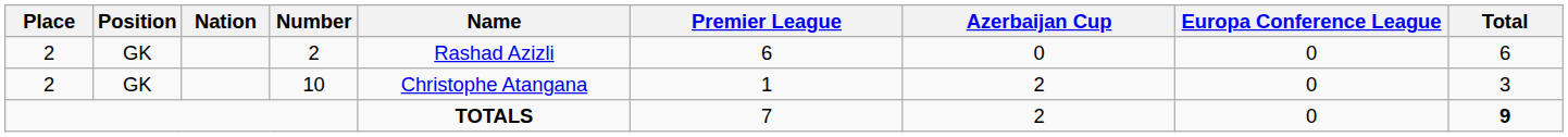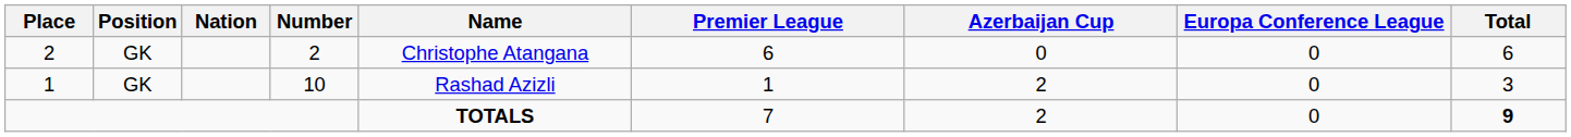 <table class="wikitable" style="font-size: 95%; text-align: center;">
 <tr>
 <th width=60>Place</th>
 <th width=60>Position</th>
 <th width=60>Nation</th>
 <th width=60>Number</th>
 <th width=200>Name</th>
 <th width=200><a href='#'>Premier League</a></th>
 <th width=200><a href='#'>Azerbaijan Cup</a></th>
 <th width=200><a href='#'>Europa Conference League</a></th>
 <th width=80><strong>Total</strong></th>
 </tr>
 <tr>
 <td>2</td>
 <td>GK</td>
 <td></td>
 <td>2</td>
-<td><a href='#'>Rashad Azizli</a></td>
+<td><a href='#'>Christophe Atangana</a></td>
 <td>6</td>
 <td>0</td>
 <td>0</td>
 <td>6</td>
 </tr>
 <tr>
-<td>2</td>
+<td>1</td>
 <td>GK</td>
 <td></td>
 <td>10</td>
-<td><a href='#'>Christophe Atangana</a></td>
+<td><a href='#'>Rashad Azizli</a></td>
 <td>1</td>
 <td>2</td>
 <td>0</td>
 <td>3</td>
 </tr>
 <tr>
 <td colspan="4"></td>
 <td><strong>TOTALS</strong></td>
 <td>7</td>
 <td>2</td>
 <td>0</td>
 <td><strong>9</strong></td>
 </tr>
 </table>
